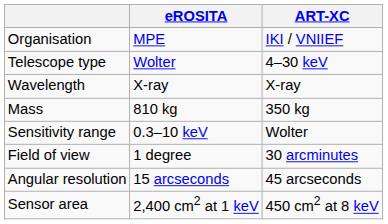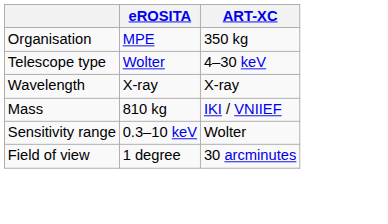 <table class="wikitable">
 <tr>
 <th></th>
 <th><a href='#'>eROSITA</a></th>
 <th><a href='#'>ART-XC</a></th>
 </tr>
 <tr>
 <td>Organisation</td>
 <td><a href='#'>MPE</a></td>
-<td><a href='#'>IKI</a> / <a href='#'>VNIIEF</a></td>
+<td>350 kg</td>
 </tr>
 <tr>
 <td>Telescope type</td>
 <td><a href='#'>Wolter</a></td>
 <td>4–30 <a href='#'>keV</a></td>
 </tr>
 <tr>
 <td>Wavelength</td>
 <td>X-ray</td>
 <td>X-ray</td>
 </tr>
 <tr>
 <td>Mass</td>
 <td>810 kg</td>
-<td>350 kg</td>
+<td><a href='#'>IKI</a> / <a href='#'>VNIIEF</a></td>
 </tr>
 <tr>
 <td>Sensitivity range</td>
 <td>0.3–10 <a href='#'>keV</a></td>
 <td>Wolter</td>
 </tr>
 <tr>
 <td>Field of view</td>
 <td>1 degree</td>
 <td>30 <a href='#'>arcminutes</a></td>
 </tr>
-<tr>
-<td>Angular resolution</td>
-<td>15 <a href='#'>arcseconds</a></td>
-<td>45 arcseconds</td>
-</tr>
-<tr>
-<td>Sensor area</td>
-<td>2,400 cm<sup>2</sup> at 1 <a href='#'>keV</a></td>
-<td>450 cm<sup>2</sup> at 8 <a href='#'>keV</a></td>
-</tr>
 </table>
